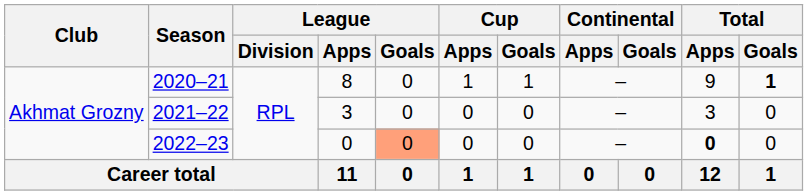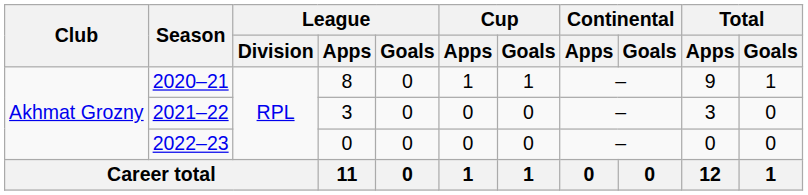 <table class="wikitable" style="text-align: center;">
 <tr>
 <th rowspan=2>Club</th>
 <th rowspan=2>Season</th>
 <th colspan=3>League</th>
 <th colspan=2>Cup</th>
 <th colspan=2>Continental</th>
 <th colspan=2>Total</th>
 </tr>
 <tr>
 <th>Division</th>
 <th>Apps</th>
 <th>Goals</th>
 <th>Apps</th>
 <th>Goals</th>
 <th>Apps</th>
 <th>Goals</th>
 <th>Apps</th>
 <th>Goals</th>
 </tr>
 <tr>
 <td rowspan="3"><a href='#'>Akhmat Grozny</a></td>
 <td><a href='#'>2020–21</a></td>
 <td rowspan="3"><a href='#'>RPL</a></td>
 <td>8</td>
 <td>0</td>
 <td>1</td>
 <td>1</td>
 <td colspan=2>–</td>
 <td>9</td>
-<td><strong>1</strong></td>
+<td>1</td>
 </tr>
 <tr>
 <td><a href='#'>2021–22</a></td>
 <td>3</td>
 <td>0</td>
 <td>0</td>
 <td>0</td>
 <td colspan=2>–</td>
 <td>3</td>
 <td>0</td>
 </tr>
 <tr>
 <td><a href='#'>2022–23</a></td>
 <td>0</td>
-<td style="background: lightsalmon;">0</td>
+<td>0</td>
 <td>0</td>
 <td>0</td>
 <td colspan=2>–</td>
-<td><strong>0</strong></td>
+<td>0</td>
 <td>0</td>
 </tr>
 <tr>
 <th colspan=3>Career total</th>
 <th>11</th>
 <th>0</th>
 <th>1</th>
 <th>1</th>
 <th>0</th>
 <th>0</th>
 <th>12</th>
 <th>1</th>
 </tr>
 </table>
